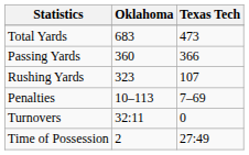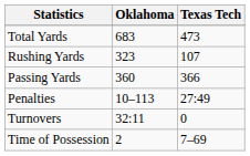 <table class="wikitable">
 <tr>
 <th>Statistics</th>
 <th>Oklahoma</th>
 <th>Texas Tech</th>
 </tr>
 <tr>
 </tr>
 <tr>
 <td>Total Yards</td>
 <td>683</td>
 <td>473</td>
 </tr>
 <tr>
+<td>Rushing Yards</td>
+<td>323</td>
+<td>107</td>
+</tr>
+<tr>
 <td>Passing Yards</td>
 <td>360</td>
 <td>366</td>
 </tr>
 <tr>
-<td>Rushing Yards</td>
-<td>323</td>
-<td>107</td>
-</tr>
-<tr>
 <td>Penalties</td>
 <td>10–113</td>
-<td>7–69</td>
+<td>27:49</td>
 </tr>
 <tr>
 <td>Turnovers</td>
 <td>32:11</td>
 <td>0</td>
 </tr>
 <tr>
 <td>Time of Possession</td>
 <td>2</td>
-<td>27:49</td>
+<td>7–69</td>
 </tr>
 </table>
